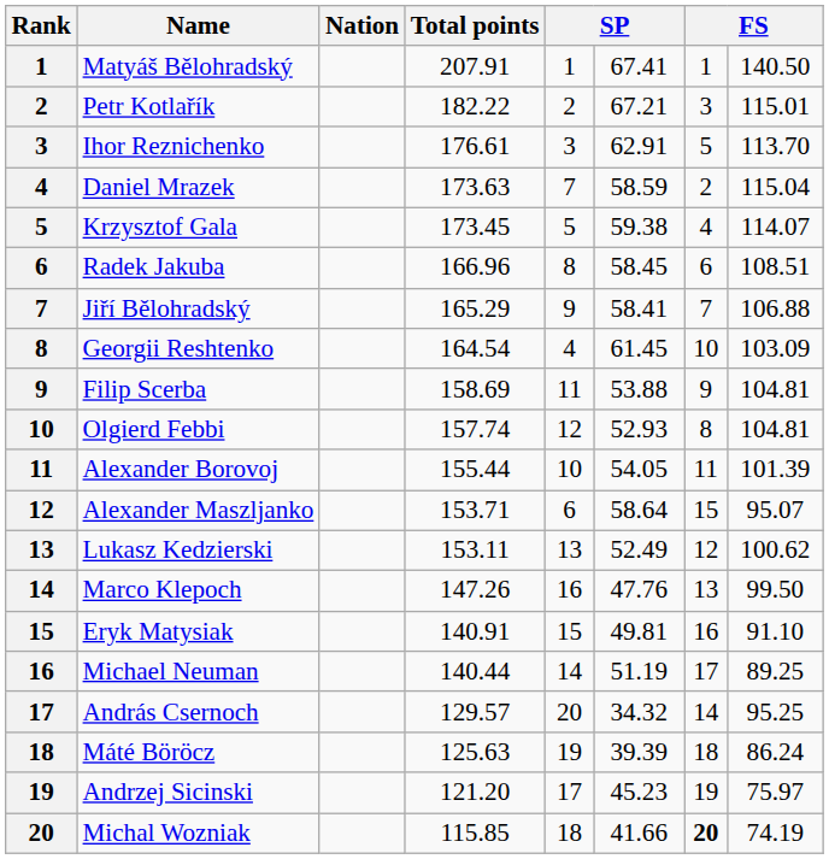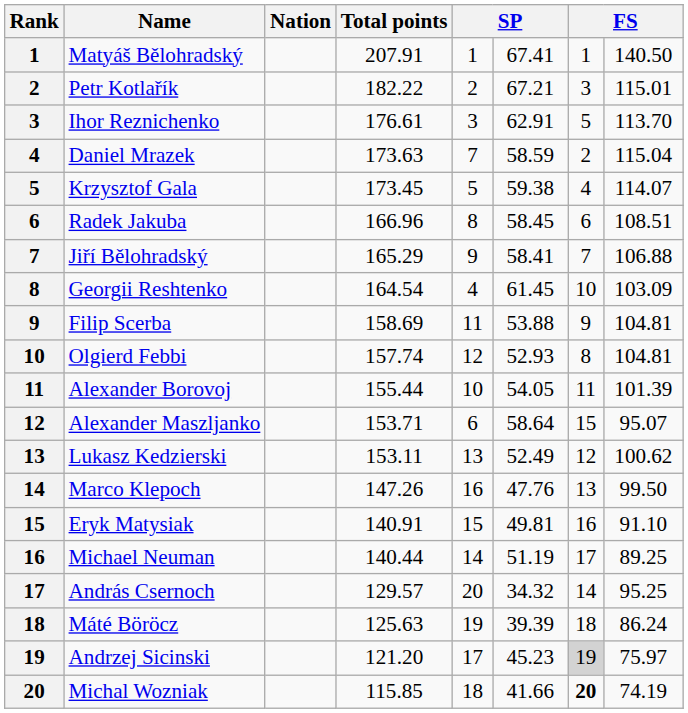 <table class="wikitable sortable">
 <tr>
 <th>Rank</th>
 <th>Name</th>
 <th>Nation</th>
 <th>Total points</th>
 <th colspan=2 width=80px><a href='#'>SP</a></th>
 <th colspan=2 width=80px><a href='#'>FS</a></th>
 </tr>
 <tr>
 <th>1</th>
 <td><a href='#'>Matyáš Bělohradský</a></td>
 <td></td>
 <td align=center>207.91</td>
 <td align=center>1</td>
 <td align=center>67.41</td>
 <td align=center>1</td>
 <td align=center>140.50</td>
 </tr>
 <tr>
 <th>2</th>
 <td><a href='#'>Petr Kotlařík</a></td>
 <td></td>
 <td align=center>182.22</td>
 <td align=center>2</td>
 <td align=center>67.21</td>
 <td align=center>3</td>
 <td align=center>115.01</td>
 </tr>
 <tr>
 <th>3</th>
 <td><a href='#'>Ihor Reznichenko</a></td>
 <td></td>
 <td align=center>176.61</td>
 <td align=center>3</td>
 <td align=center>62.91</td>
 <td align=center>5</td>
 <td align=center>113.70</td>
 </tr>
 <tr>
 <th>4</th>
 <td><a href='#'>Daniel Mrazek</a></td>
 <td></td>
 <td align=center>173.63</td>
 <td align=center>7</td>
 <td align=center>58.59</td>
 <td align=center>2</td>
 <td align=center>115.04</td>
 </tr>
 <tr>
 <th>5</th>
 <td><a href='#'>Krzysztof Gala</a></td>
 <td></td>
 <td align=center>173.45</td>
 <td align=center>5</td>
 <td align=center>59.38</td>
 <td align=center>4</td>
 <td align=center>114.07</td>
 </tr>
 <tr>
 <th>6</th>
 <td><a href='#'>Radek Jakuba</a></td>
 <td></td>
 <td align=center>166.96</td>
 <td align=center>8</td>
 <td align=center>58.45</td>
 <td align=center>6</td>
 <td align=center>108.51</td>
 </tr>
 <tr>
 <th>7</th>
 <td><a href='#'>Jiří Bělohradský</a></td>
 <td></td>
 <td align=center>165.29</td>
 <td align=center>9</td>
 <td align=center>58.41</td>
 <td align=center>7</td>
 <td align=center>106.88</td>
 </tr>
 <tr>
 <th>8</th>
 <td><a href='#'>Georgii Reshtenko</a></td>
 <td></td>
 <td align=center>164.54</td>
 <td align=center>4</td>
 <td align=center>61.45</td>
 <td align=center>10</td>
 <td align=center>103.09</td>
 </tr>
 <tr>
 <th>9</th>
 <td><a href='#'>Filip Scerba</a></td>
 <td></td>
 <td align=center>158.69</td>
 <td align=center>11</td>
 <td align=center>53.88</td>
 <td align=center>9</td>
 <td align=center>104.81</td>
 </tr>
 <tr>
 <th>10</th>
 <td><a href='#'>Olgierd Febbi</a></td>
 <td></td>
 <td align=center>157.74</td>
 <td align=center>12</td>
 <td align=center>52.93</td>
 <td align=center>8</td>
 <td align=center>104.81</td>
 </tr>
 <tr>
 <th>11</th>
 <td><a href='#'>Alexander Borovoj</a></td>
 <td></td>
 <td align=center>155.44</td>
 <td align=center>10</td>
 <td align=center>54.05</td>
 <td align=center>11</td>
 <td align=center>101.39</td>
 </tr>
 <tr>
 <th>12</th>
 <td><a href='#'>Alexander Maszljanko</a></td>
 <td></td>
 <td align=center>153.71</td>
 <td align=center>6</td>
 <td align=center>58.64</td>
 <td align=center>15</td>
 <td align=center>95.07</td>
 </tr>
 <tr>
 <th>13</th>
 <td><a href='#'>Lukasz Kedzierski</a></td>
 <td></td>
 <td align=center>153.11</td>
 <td align=center>13</td>
 <td align=center>52.49</td>
 <td align=center>12</td>
 <td align=center>100.62</td>
 </tr>
 <tr>
 <th>14</th>
 <td><a href='#'>Marco Klepoch</a></td>
 <td></td>
 <td align=center>147.26</td>
 <td align=center>16</td>
 <td align=center>47.76</td>
 <td align=center>13</td>
 <td align=center>99.50</td>
 </tr>
 <tr>
 <th>15</th>
 <td><a href='#'>Eryk Matysiak</a></td>
 <td></td>
 <td align=center>140.91</td>
 <td align=center>15</td>
 <td align=center>49.81</td>
 <td align=center>16</td>
 <td align=center>91.10</td>
 </tr>
 <tr>
 <th>16</th>
 <td><a href='#'>Michael Neuman</a></td>
 <td></td>
 <td align=center>140.44</td>
 <td align=center>14</td>
 <td align=center>51.19</td>
 <td align=center>17</td>
 <td align=center>89.25</td>
 </tr>
 <tr>
 <th>17</th>
 <td><a href='#'>András Csernoch</a></td>
 <td></td>
 <td align=center>129.57</td>
 <td align=center>20</td>
 <td align=center>34.32</td>
 <td align=center>14</td>
 <td align=center>95.25</td>
 </tr>
 <tr>
 <th>18</th>
 <td><a href='#'>Máté Böröcz</a></td>
 <td></td>
 <td align=center>125.63</td>
 <td align=center>19</td>
 <td align=center>39.39</td>
 <td align=center>18</td>
 <td align=center>86.24</td>
 </tr>
 <tr>
 <th>19</th>
 <td><a href='#'>Andrzej Sicinski</a></td>
 <td></td>
 <td align=center>121.20</td>
 <td align=center>17</td>
 <td align=center>45.23</td>
-<td align=center>19</td>
+<td align=center style="background: lightgrey;">19</td>
 <td align=center>75.97</td>
 </tr>
 <tr>
 <th>20</th>
 <td><a href='#'>Michal Wozniak</a></td>
 <td></td>
 <td align=center>115.85</td>
 <td align=center>18</td>
 <td align=center>41.66</td>
 <td align=center><strong>20</strong></td>
 <td align=center>74.19</td>
 </tr>
 </table>
